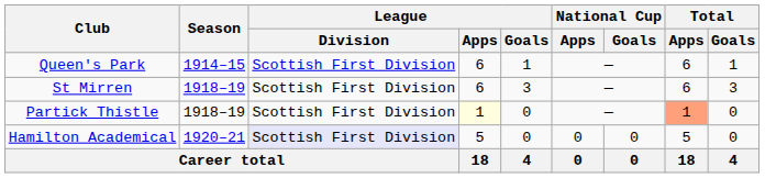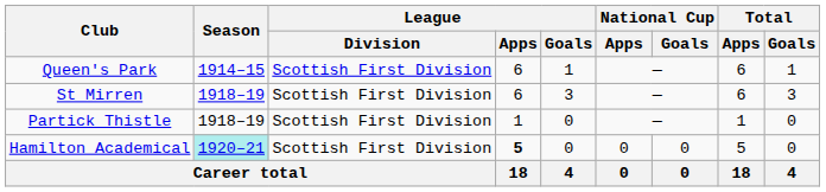 <table class="wikitable" style="text-align: center;">
 <tr>
 <th rowspan="2">Club</th>
 <th rowspan="2">Season</th>
 <th colspan="3">League</th>
 <th colspan="2">National Cup</th>
 <th colspan="2">Total</th>
 </tr>
 <tr>
 <th>Division</th>
 <th>Apps</th>
 <th>Goals</th>
 <th>Apps</th>
 <th>Goals</th>
 <th>Apps</th>
 <th>Goals</th>
 </tr>
 <tr>
 <td><a href='#'>Queen's Park</a></td>
 <td><a href='#'>1914–15</a></td>
 <td><a href='#'>Scottish First Division</a></td>
 <td>6</td>
 <td>1</td>
 <td colspan="2">—</td>
 <td>6</td>
 <td>1</td>
 </tr>
 <tr>
 <td><a href='#'>St Mirren</a></td>
 <td><a href='#'>1918–19</a></td>
 <td>Scottish First Division</td>
 <td>6</td>
 <td>3</td>
 <td colspan="2">—</td>
 <td>6</td>
 <td>3</td>
 </tr>
 <tr>
 <td><a href='#'>Partick Thistle</a></td>
 <td>1918–19</td>
 <td>Scottish First Division</td>
-<td style="background: lightyellow;">1</td>
+<td>1</td>
 <td>0</td>
 <td colspan="2">—</td>
-<td style="background: lightsalmon;">1</td>
+<td>1</td>
 <td>0</td>
 </tr>
 <tr>
 <td><a href='#'>Hamilton Academical</a></td>
-<td><a href='#'>1920–21</a></td>
-<td style="background: lavender;">Scottish First Division</td>
-<td>5</td>
+<td style="background: paleturquoise;"><a href='#'>1920–21</a></td>
+<td>Scottish First Division</td>
+<td><strong>5</strong></td>
 <td>0</td>
 <td>0</td>
 <td>0</td>
 <td>5</td>
 <td>0</td>
 </tr>
 <tr>
 <th colspan="3">Career total</th>
 <th>18</th>
 <th>4</th>
 <th>0</th>
 <th>0</th>
 <th>18</th>
 <th>4</th>
 </tr>
 </table>
